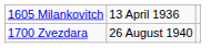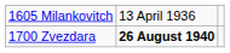 <table class="wikitable floatright" style="font-size: 0.9em;">
 <tr>
 <td><a href='#'>1605 Milankovitch</a></td>
 <td>13 April 1936</td>
 <td></td>
 </tr>
 <tr>
 <td><a href='#'>1700 Zvezdara</a></td>
-<td>26 August 1940</td>
+<td><strong>26 August 1940</strong></td>
 <td></td>
 </tr>
 </table>
